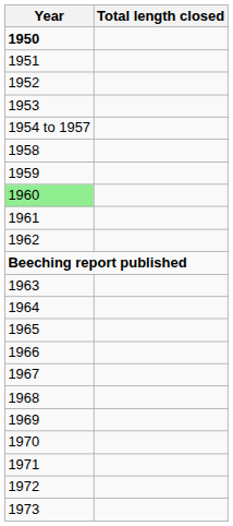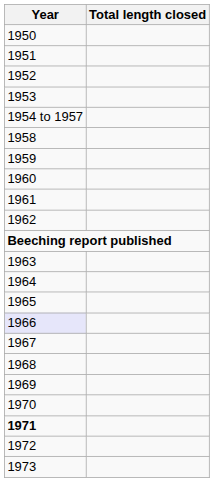 <table class="wikitable">
 <tr>
 <th>Year</th>
 <th>Total length closed</th>
 </tr>
 <tr>
-<td><strong>1950</strong></td>
+<td>1950</td>
 <td></td>
 </tr>
 <tr>
 <td>1951</td>
 <td></td>
 </tr>
 <tr>
 <td>1952</td>
 <td></td>
 </tr>
 <tr>
 <td>1953</td>
 <td></td>
 </tr>
 <tr>
 <td>1954 to 1957</td>
 <td></td>
 </tr>
 <tr>
 <td>1958</td>
 <td></td>
 </tr>
 <tr>
 <td>1959</td>
 <td></td>
 </tr>
 <tr>
-<td style="background: lightgreen;">1960</td>
+<td>1960</td>
 <td></td>
 </tr>
 <tr>
 <td>1961</td>
 <td></td>
 </tr>
 <tr>
 <td>1962</td>
 <td></td>
 </tr>
 <tr>
 <td colspan=2><strong>Beeching report published</strong></td>
 </tr>
 <tr>
 <td>1963</td>
 <td></td>
 </tr>
 <tr>
 <td>1964</td>
 <td></td>
 </tr>
 <tr>
 <td>1965</td>
 <td></td>
 </tr>
 <tr>
-<td>1966</td>
+<td style="background: lavender;">1966</td>
 <td></td>
 </tr>
 <tr>
 <td>1967</td>
 <td></td>
 </tr>
 <tr>
 <td>1968</td>
 <td></td>
 </tr>
 <tr>
 <td>1969</td>
 <td></td>
 </tr>
 <tr>
 <td>1970</td>
 <td></td>
 </tr>
 <tr>
-<td>1971</td>
+<td><strong>1971</strong></td>
 <td></td>
 </tr>
 <tr>
 <td>1972</td>
 <td></td>
 </tr>
 <tr>
 <td>1973</td>
 <td></td>
 </tr>
 </table>
